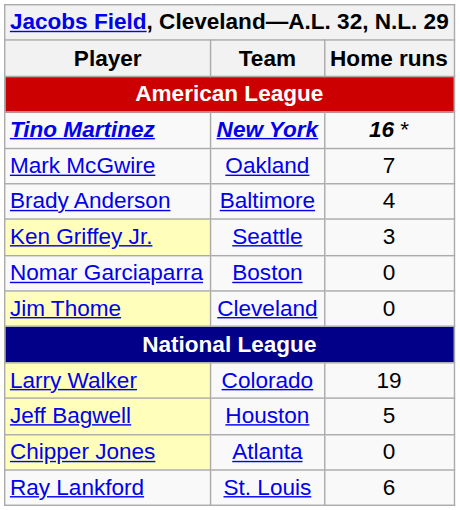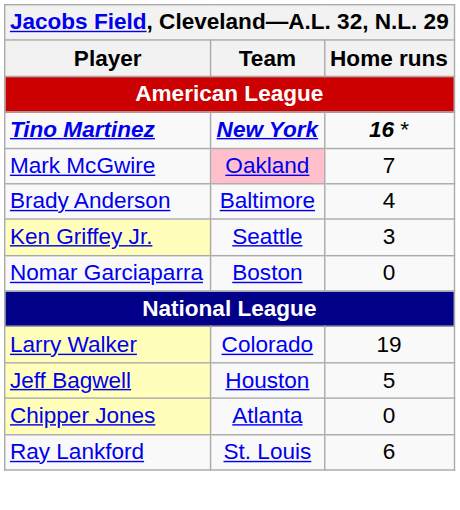 <table class="wikitable" style="text-align:right;">
 <tr>
 <th colspan="3"><a href='#'>Jacobs Field</a>, Cleveland—A.L. 32, N.L. 29</th>
 </tr>
 <tr>
 <th>Player</th>
 <th>Team</th>
 <th>Home runs</th>
 </tr>
 <tr>
 <th colspan="3" style="text-align:center; background:#CC0001; color:#FFFFFF;">American League</th>
 </tr>
 <tr>
 <td align="left"><strong><em><a href='#'>Tino Martinez</a></em></strong></td>
 <td style="text-align:center;"><strong><em><a href='#'>New York</a></em></strong></td>
 <td style="text-align:center;"><strong><em>16</em></strong> *</td>
 </tr>
 <tr>
 <td align="left"><a href='#'>Mark McGwire</a></td>
-<td style="text-align:center;"><a href='#'>Oakland</a></td>
+<td style="background: pink; text-align:center;"><a href='#'>Oakland</a></td>
 <td style="text-align:center;">7</td>
 </tr>
 <tr>
 <td align="left"><a href='#'>Brady Anderson</a></td>
 <td style="text-align:center;"><a href='#'>Baltimore</a></td>
 <td style="text-align:center;">4</td>
 </tr>
 <tr>
 <td align="left" style="background:#ffb"><a href='#'>Ken Griffey Jr.</a></td>
 <td style="text-align:center;"><a href='#'>Seattle</a></td>
 <td style="text-align:center;">3</td>
 </tr>
 <tr>
 <td align="left"><a href='#'>Nomar Garciaparra</a></td>
 <td style="text-align:center;"><a href='#'>Boston</a></td>
-<td style="text-align:center;">0</td>
-</tr>
-<tr>
-<td align="left" style="background:#ffb"><a href='#'>Jim Thome</a></td>
-<td style="text-align:center;"><a href='#'>Cleveland</a></td>
 <td style="text-align:center;">0</td>
 </tr>
 <tr>
 <th colspan="3" style="text-align:center; background:#020088; color:#FFFFFF;">National League</th>
 </tr>
 <tr>
 <td align="left" style="background:#ffb"><a href='#'>Larry Walker</a></td>
 <td style="text-align:center;"><a href='#'>Colorado</a></td>
 <td style="text-align:center;">19</td>
 </tr>
 <tr>
 <td align="left" style="background:#ffb"><a href='#'>Jeff Bagwell</a></td>
 <td style="text-align:center;"><a href='#'>Houston</a></td>
 <td style="text-align:center;">5</td>
 </tr>
 <tr>
 <td align="left" style="background:#ffb"><a href='#'>Chipper Jones</a></td>
 <td style="text-align:center;"><a href='#'>Atlanta</a></td>
 <td style="text-align:center;">0</td>
 </tr>
 <tr>
 <td align="left"><a href='#'>Ray Lankford</a></td>
 <td style="text-align:center;"><a href='#'>St. Louis</a></td>
 <td style="text-align:center;">6</td>
 </tr>
 </table>
